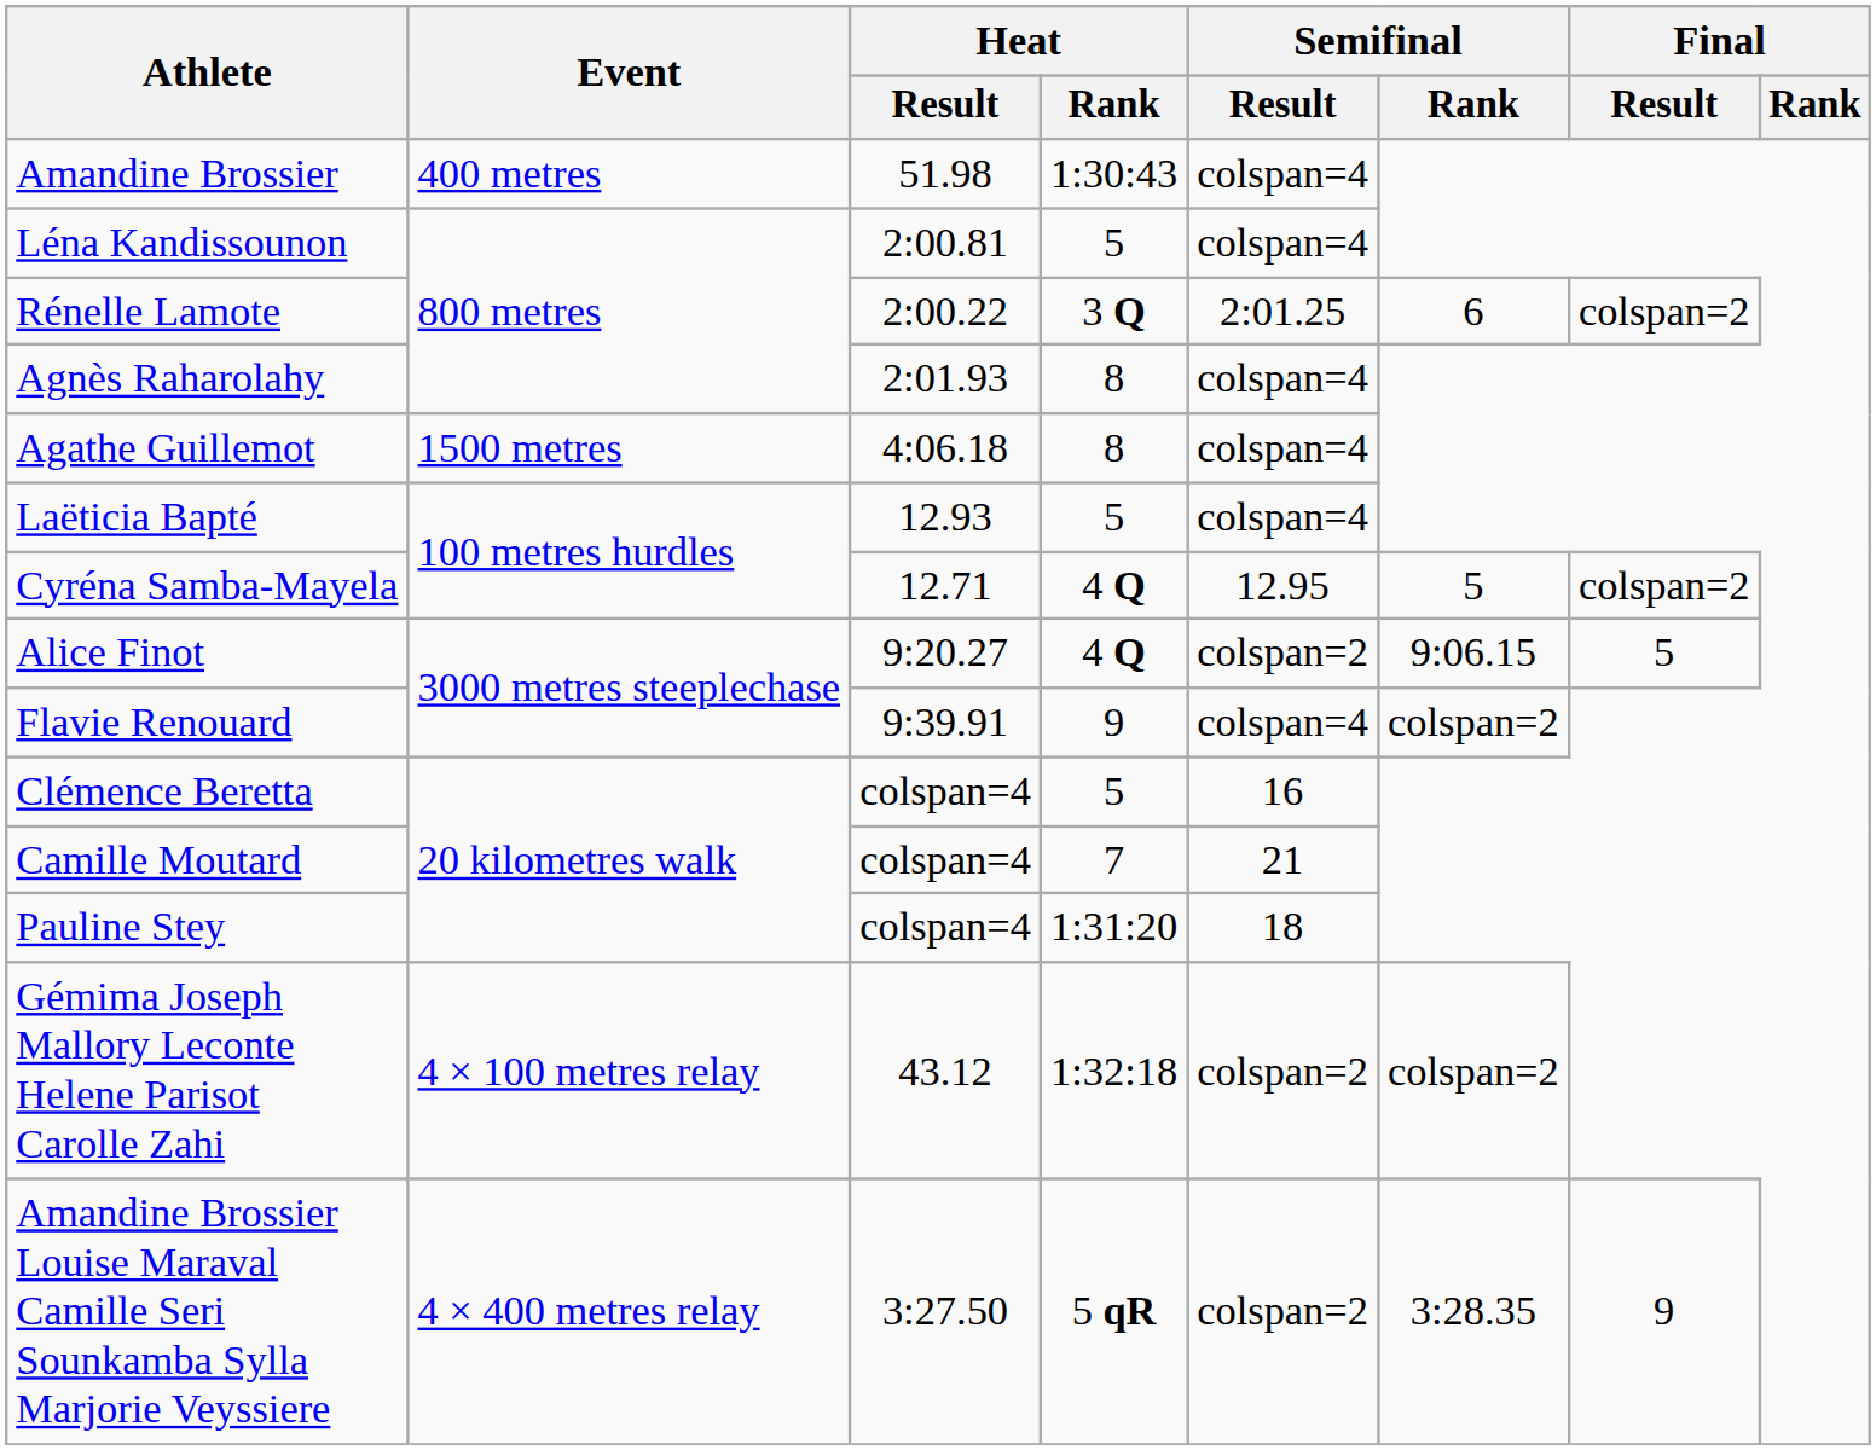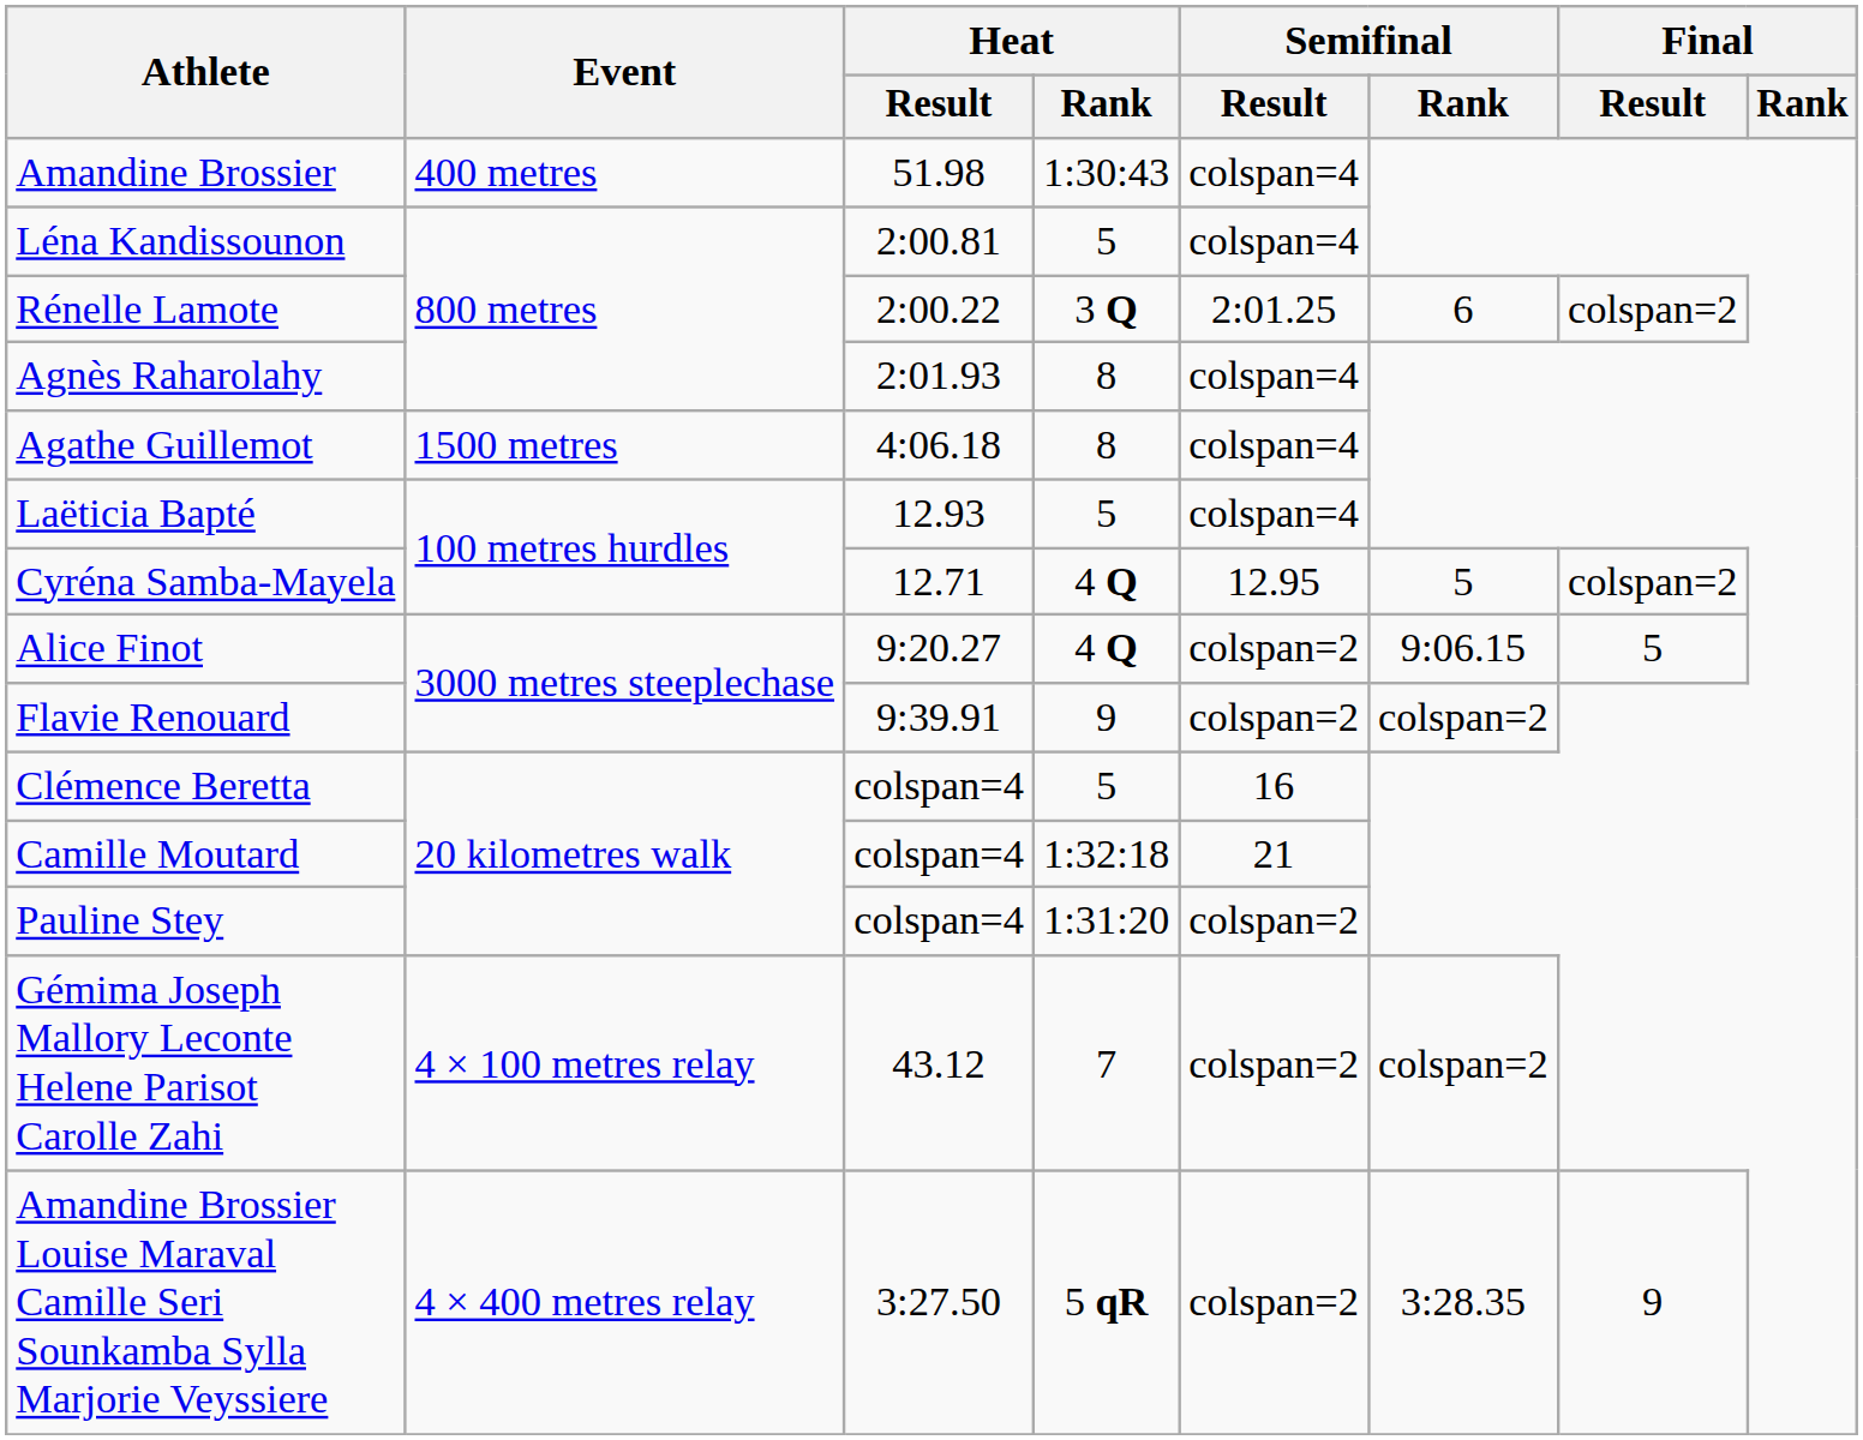 <table class="wikitable" style="font-size:90%">
 <tr>
 <th rowspan="2">Athlete</th>
 <th rowspan="2">Event</th>
 <th colspan="2">Heat</th>
 <th colspan="2">Semifinal</th>
 <th colspan="2">Final</th>
 </tr>
 <tr style="font-size:95%">
 <th>Result</th>
 <th>Rank</th>
 <th>Result</th>
 <th>Rank</th>
 <th>Result</th>
 <th>Rank</th>
 </tr>
 <tr align=center>
 <td align=left><a href='#'>Amandine Brossier</a></td>
 <td align=left><a href='#'>400 metres</a></td>
 <td>51.98 </td>
 <td>1:30:43</td>
 <td>colspan=4 </td>
 </tr>
 <tr align=center>
 <td align=left><a href='#'>Léna Kandissounon</a></td>
 <td align=left rowspan=3><a href='#'>800 metres</a></td>
 <td>2:00.81</td>
 <td>5</td>
 <td>colspan=4 </td>
 </tr>
 <tr align=center>
 <td align=left><a href='#'>Rénelle Lamote</a></td>
 <td>2:00.22</td>
 <td>3 <strong>Q</strong></td>
 <td>2:01.25</td>
 <td>6</td>
 <td>colspan=2 </td>
 </tr>
 <tr align=center>
 <td align=left><a href='#'>Agnès Raharolahy</a></td>
 <td>2:01.93</td>
 <td>8</td>
 <td>colspan=4 </td>
 </tr>
 <tr align=center>
 <td align=left><a href='#'>Agathe Guillemot</a></td>
 <td align=left><a href='#'>1500 metres</a></td>
 <td>4:06.18</td>
 <td>8</td>
 <td>colspan=4 </td>
 </tr>
 <tr align=center>
 <td align=left><a href='#'>Laëticia Bapté</a></td>
 <td align=left rowspan=2><a href='#'>100 metres hurdles</a></td>
 <td>12.93</td>
 <td>5</td>
 <td>colspan=4 </td>
 </tr>
 <tr align=center>
 <td align=left><a href='#'>Cyréna Samba-Mayela</a></td>
 <td>12.71</td>
 <td>4 <strong>Q</strong></td>
 <td>12.95</td>
 <td>5</td>
 <td>colspan=2 </td>
 </tr>
 <tr align=center>
 <td align=left><a href='#'>Alice Finot</a></td>
 <td align=left rowspan=2><a href='#'>3000 metres steeplechase</a></td>
 <td>9:20.27</td>
 <td>4 <strong>Q</strong></td>
 <td>colspan=2</td>
 <td>9:06.15 </td>
 <td>5</td>
 </tr>
 <tr align=center>
 <td align=left><a href='#'>Flavie Renouard</a></td>
 <td>9:39.91</td>
 <td>9</td>
-<td>colspan=4 </td>
+<td>colspan=2</td>
 <td>colspan=2 </td>
 </tr>
 <tr align=center>
 <td align=left><a href='#'>Clémence Beretta</a></td>
 <td align=left rowspan=3><a href='#'>20 kilometres walk</a></td>
 <td>colspan=4</td>
 <td>5</td>
 <td>16</td>
 </tr>
 <tr align=center>
 <td align=left><a href='#'>Camille Moutard</a></td>
 <td>colspan=4</td>
-<td>7</td>
+<td>1:32:18</td>
 <td>21</td>
 </tr>
 <tr align=center>
 <td align=left><a href='#'>Pauline Stey</a></td>
 <td>colspan=4</td>
 <td>1:31:20</td>
-<td>18</td>
+<td>colspan=2</td>
 </tr>
 <tr align=center>
 <td align=left><a href='#'>Gémima Joseph</a><br><a href='#'>Mallory Leconte</a> <br><a href='#'>Helene Parisot</a> <br><a href='#'>Carolle Zahi</a></td>
 <td align=left><a href='#'>4 × 100 metres relay</a></td>
 <td>43.12 </td>
-<td>1:32:18</td>
+<td>7</td>
 <td>colspan=2</td>
 <td>colspan=2 </td>
 </tr>
 <tr align=center>
 <td align=left><a href='#'>Amandine Brossier</a><br><a href='#'>Louise Maraval</a><br><a href='#'>Camille Seri</a><br><a href='#'>Sounkamba Sylla</a><br><a href='#'>Marjorie Veyssiere</a></td>
 <td align=left><a href='#'>4 × 400 metres relay</a></td>
 <td>3:27.50 </td>
 <td>5 <strong>qR</strong></td>
 <td>colspan=2</td>
 <td>3:28.35</td>
 <td>9</td>
 </tr>
 </table>
